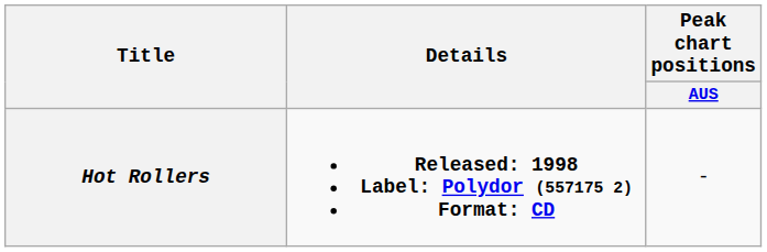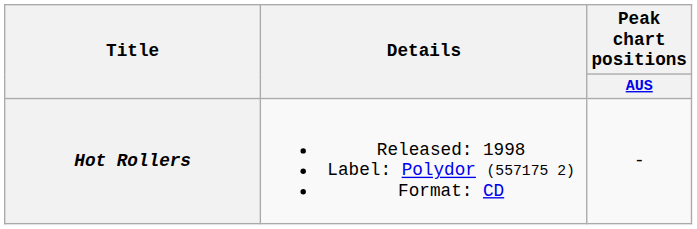 <table class="wikitable plainrowheaders" style="text-align:center;" border="1">
 <tr>
 <th scope="col" rowspan="2" style="width:14em;">Title</th>
 <th scope="col" rowspan="2" style="width:18em;">Details</th>
 <th scope="col" colspan="1">Peak chart positions</th>
 </tr>
 <tr>
 <th scope="col" style="width:3em;font-size:85%;"><a href='#'>AUS</a></th>
 </tr>
 <tr>
 <th scope="row"><em>Hot Rollers</em></th>
-<td><strong><br><ul><li>Released: 1998</li><li>Label: <a href='#'>Polydor</a> <small>(557175 2)</small></li><li>Format: <a href='#'>CD</a></li></ul></strong></td>
+<td><br><ul><li>Released: 1998</li><li>Label: <a href='#'>Polydor</a> <small>(557175 2)</small></li><li>Format: <a href='#'>CD</a></li></ul></td>
 <td align="center">-</td>
 </tr>
 </table>
